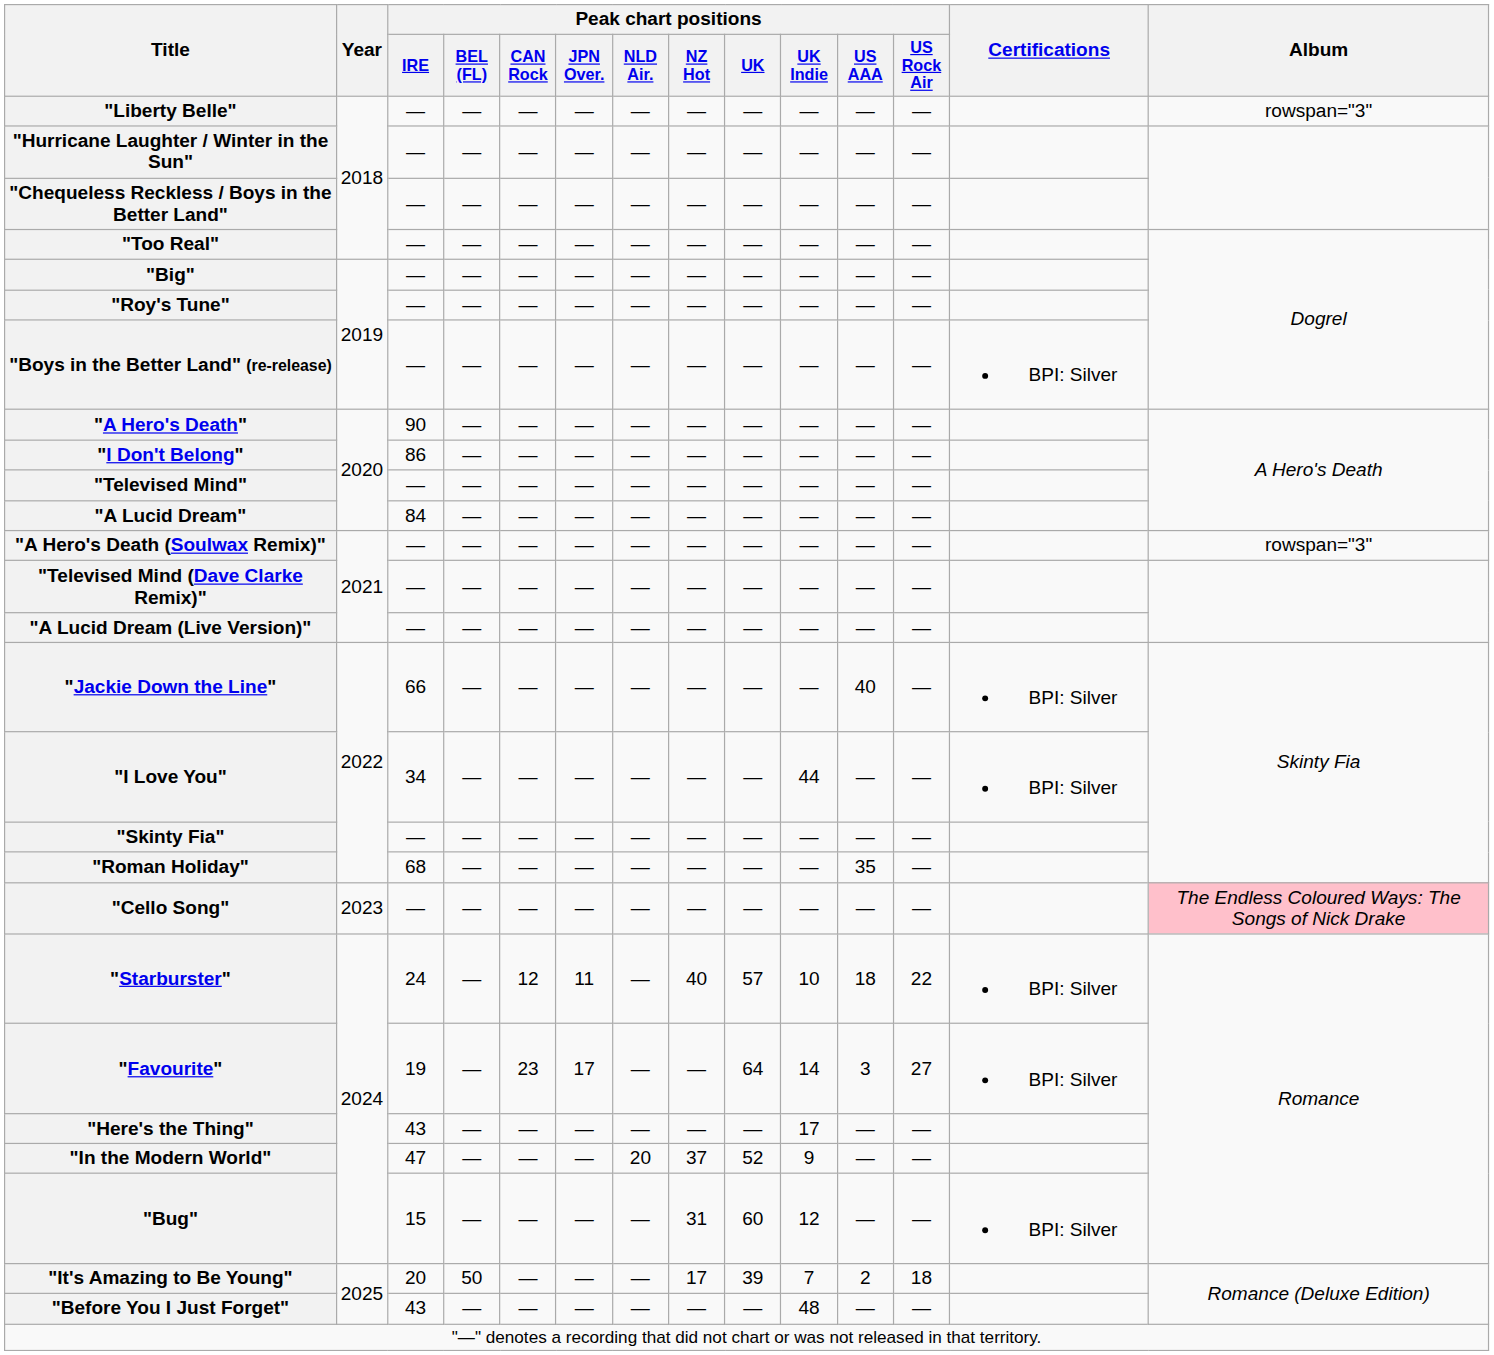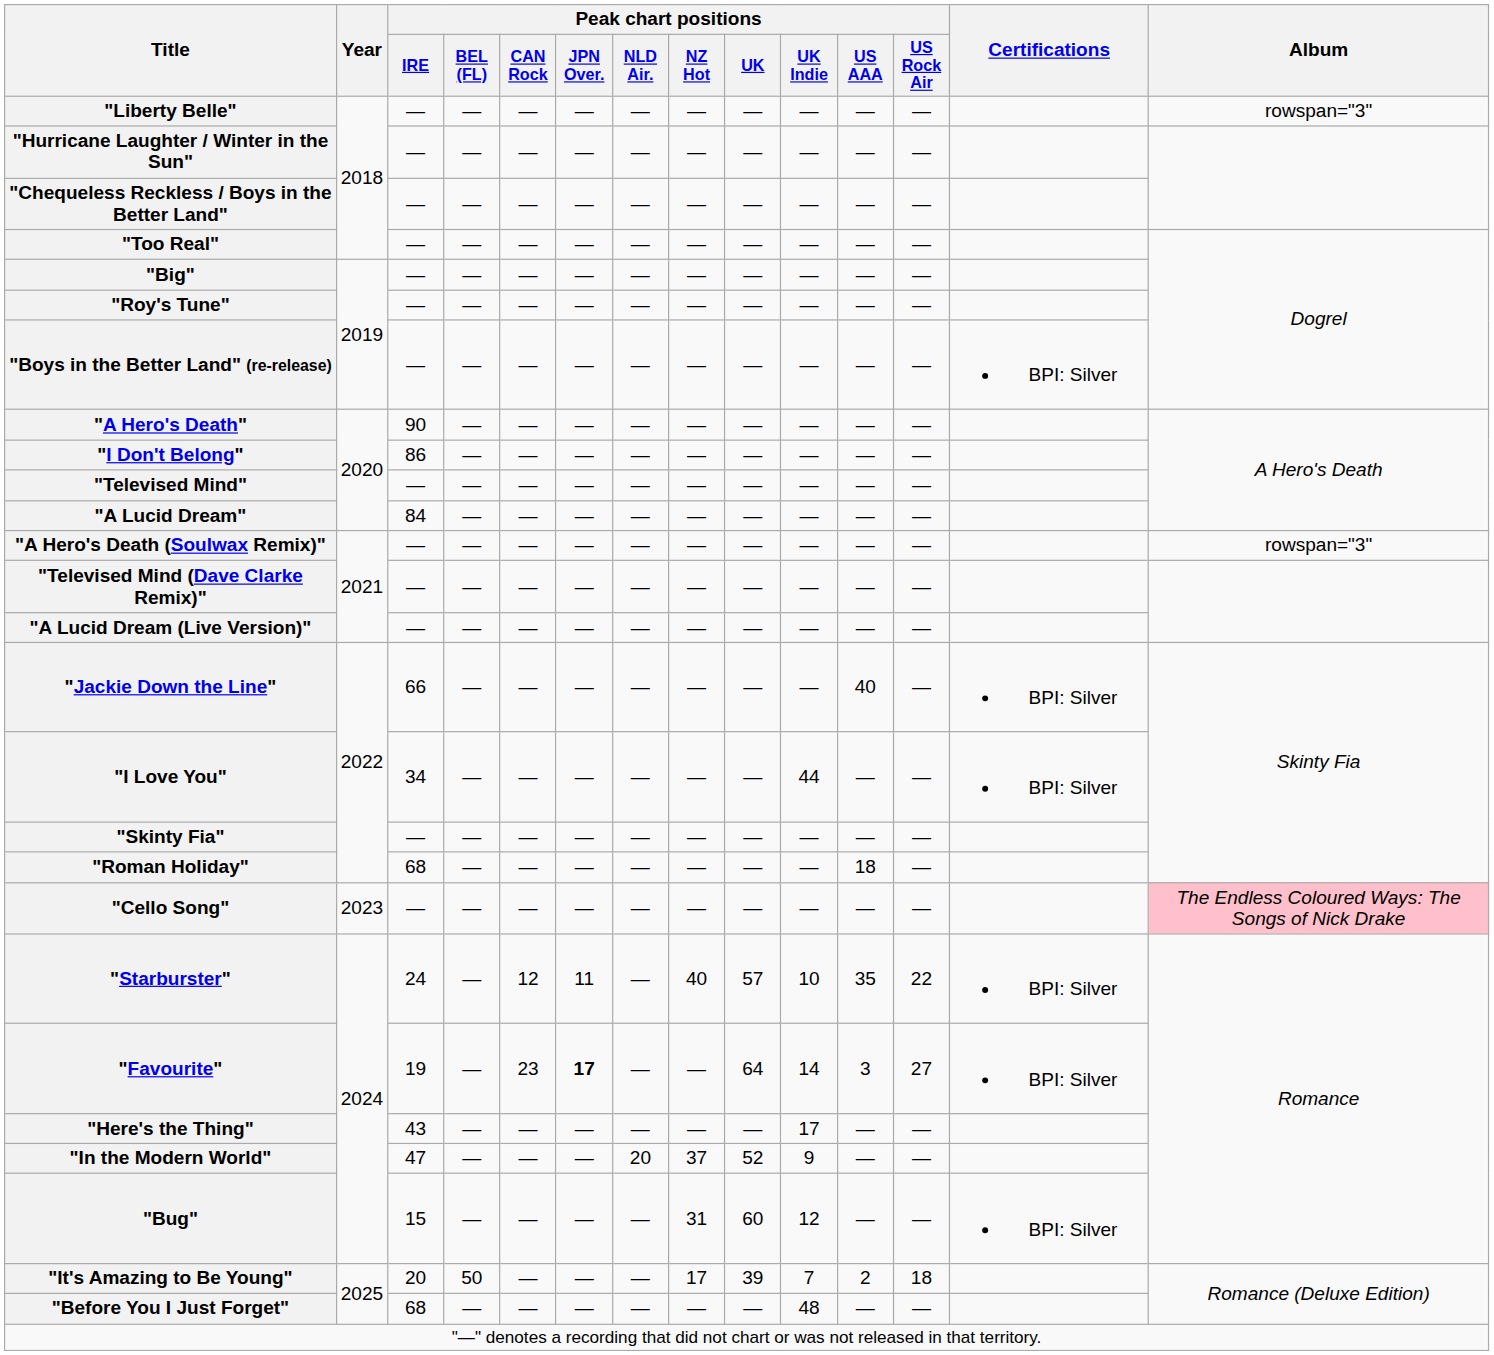 <table class="wikitable plainrowheaders" style="text-align:center;">
 <tr>
 <th scope="col" rowspan="2">Title</th>
 <th scope="col" rowspan="2">Year</th>
 <th scope="col" colspan="10">Peak chart positions</th>
 <th scope="col" rowspan="2" style="width:10em;"><a href='#'>Certifications</a></th>
 <th scope="col" rowspan="2">Album</th>
 </tr>
 <tr>
 <th scope="col" style="width:3em;font-size:85%;"><a href='#'>IRE</a><br></th>
 <th scope="col" style="width:3em;font-size:85%;"><a href='#'>BEL<br>(FL)</a><br></th>
 <th scope="col" style="width:3em;font-size:85%;"><a href='#'>CAN<br>Rock</a><br></th>
 <th scope="col" style="width:3em;font-size:85%;"><a href='#'>JPN<br>Over.</a><br></th>
 <th scope="col" style="width:3em;font-size:85%;"><a href='#'>NLD<br>Air.</a><br></th>
 <th scope="col" style="width:3em;font-size:85%;"><a href='#'>NZ<br>Hot</a><br></th>
 <th scope="col" style="width:3em;font-size:85%;"><a href='#'>UK</a><br></th>
 <th scope="col" style="width:3em;font-size:85%;"><a href='#'>UK<br>Indie</a><br></th>
 <th scope="col" style="width:3em;font-size:85%;"><a href='#'>US<br>AAA</a><br></th>
 <th scope="col" style="width:3em;font-size:85%;"><a href='#'>US<br>Rock<br>Air</a><br></th>
 </tr>
 <tr>
 <th scope="row">"Liberty Belle"</th>
 <td rowspan="4">2018</td>
 <td>—</td>
 <td>—</td>
 <td>—</td>
 <td>—</td>
 <td>—</td>
 <td>—</td>
 <td>—</td>
 <td>—</td>
 <td>—</td>
 <td>—</td>
 <td></td>
 <td>rowspan="3" </td>
 </tr>
 <tr>
 <th scope="row">"Hurricane Laughter / Winter in the Sun"</th>
 <td>—</td>
 <td>—</td>
 <td>—</td>
 <td>—</td>
 <td>—</td>
 <td>—</td>
 <td>—</td>
 <td>—</td>
 <td>—</td>
 <td>—</td>
 <td></td>
 </tr>
 <tr>
 <th scope="row">"Chequeless Reckless / Boys in the Better Land"</th>
 <td>—</td>
 <td>—</td>
 <td>—</td>
 <td>—</td>
 <td>—</td>
 <td>—</td>
 <td>—</td>
 <td>—</td>
 <td>—</td>
 <td>—</td>
 <td></td>
 </tr>
 <tr>
 <th scope="row">"Too Real"</th>
 <td>—</td>
 <td>—</td>
 <td>—</td>
 <td>—</td>
 <td>—</td>
 <td>—</td>
 <td>—</td>
 <td>—</td>
 <td>—</td>
 <td>—</td>
 <td></td>
 <td rowspan="4"><em>Dogrel</em></td>
 </tr>
 <tr>
 <th scope="row">"Big"</th>
 <td rowspan="3">2019</td>
 <td>—</td>
 <td>—</td>
 <td>—</td>
 <td>—</td>
 <td>—</td>
 <td>—</td>
 <td>—</td>
 <td>—</td>
 <td>—</td>
 <td>—</td>
 <td></td>
 </tr>
 <tr>
 <th scope="row">"Roy's Tune"</th>
 <td>—</td>
 <td>—</td>
 <td>—</td>
 <td>—</td>
 <td>—</td>
 <td>—</td>
 <td>—</td>
 <td>—</td>
 <td>—</td>
 <td>—</td>
 <td></td>
 </tr>
 <tr>
 <th scope="row">"Boys in the Better Land" <small>(re-release)</small></th>
 <td>—</td>
 <td>—</td>
 <td>—</td>
 <td>—</td>
 <td>—</td>
 <td>—</td>
 <td>—</td>
 <td>—</td>
 <td>—</td>
 <td>—</td>
 <td><br><ul><li>BPI: Silver</li></ul></td>
 </tr>
 <tr>
 <th scope="row">"<a href='#'>A Hero's Death</a>"</th>
 <td rowspan="4">2020</td>
 <td>90</td>
 <td>—</td>
 <td>—</td>
 <td>—</td>
 <td>—</td>
 <td>—</td>
 <td>—</td>
 <td>—</td>
 <td>—</td>
 <td>—</td>
 <td></td>
 <td rowspan="4"><em>A Hero's Death</em></td>
 </tr>
 <tr>
 <th scope="row">"<a href='#'>I Don't Belong</a>"</th>
 <td>86</td>
 <td>—</td>
 <td>—</td>
 <td>—</td>
 <td>—</td>
 <td>—</td>
 <td>—</td>
 <td>—</td>
 <td>—</td>
 <td>—</td>
 <td></td>
 </tr>
 <tr>
 <th scope="row">"Televised Mind"</th>
 <td>—</td>
 <td>—</td>
 <td>—</td>
 <td>—</td>
 <td>—</td>
 <td>—</td>
 <td>—</td>
 <td>—</td>
 <td>—</td>
 <td>—</td>
 </tr>
 <tr>
 <th scope="row">"A Lucid Dream"</th>
 <td>84</td>
 <td>—</td>
 <td>—</td>
 <td>—</td>
 <td>—</td>
 <td>—</td>
 <td>—</td>
 <td>—</td>
 <td>—</td>
 <td>—</td>
 <td></td>
 </tr>
 <tr>
 <th scope="row">"A Hero's Death (<a href='#'>Soulwax</a> Remix)"</th>
 <td rowspan="3">2021</td>
 <td>—</td>
 <td>—</td>
 <td>—</td>
 <td>—</td>
 <td>—</td>
 <td>—</td>
 <td>—</td>
 <td>—</td>
 <td>—</td>
 <td>—</td>
 <td></td>
 <td>rowspan="3" </td>
 </tr>
 <tr>
 <th scope="row">"Televised Mind (<a href='#'>Dave Clarke</a> Remix)"</th>
 <td>—</td>
 <td>—</td>
 <td>—</td>
 <td>—</td>
 <td>—</td>
 <td>—</td>
 <td>—</td>
 <td>—</td>
 <td>—</td>
 <td>—</td>
 <td></td>
 </tr>
 <tr>
 <th scope="row">"A Lucid Dream (Live Version)"</th>
 <td>—</td>
 <td>—</td>
 <td>—</td>
 <td>—</td>
 <td>—</td>
 <td>—</td>
 <td>—</td>
 <td>—</td>
 <td>—</td>
 <td>—</td>
 <td></td>
 </tr>
 <tr>
 <th scope="row">"<a href='#'>Jackie Down the Line</a>"</th>
 <td rowspan="4">2022</td>
 <td>66</td>
 <td>—</td>
 <td>—</td>
 <td>—</td>
 <td>—</td>
 <td>—</td>
 <td>—</td>
 <td>—</td>
 <td>40</td>
 <td>—</td>
 <td><br><ul><li>BPI: Silver</li></ul></td>
 <td rowspan="4"><em>Skinty Fia</em></td>
 </tr>
 <tr>
 <th scope="row">"I Love You"</th>
 <td>34</td>
 <td>—</td>
 <td>—</td>
 <td>—</td>
 <td>—</td>
 <td>—</td>
 <td>—</td>
 <td>44</td>
 <td>—</td>
 <td>—</td>
 <td><br><ul><li>BPI: Silver</li></ul></td>
 </tr>
 <tr>
 <th scope="row">"Skinty Fia"</th>
 <td>—</td>
 <td>—</td>
 <td>—</td>
 <td>—</td>
 <td>—</td>
 <td>—</td>
 <td>—</td>
 <td>—</td>
 <td>—</td>
 <td>—</td>
 <td></td>
 </tr>
 <tr>
 <th scope="row">"Roman Holiday"</th>
 <td>68</td>
 <td>—</td>
 <td>—</td>
 <td>—</td>
 <td>—</td>
 <td>—</td>
 <td>—</td>
 <td>—</td>
-<td>35</td>
+<td>18</td>
 <td>—</td>
 <td></td>
 </tr>
 <tr>
 <th scope="row">"Cello Song"</th>
 <td>2023</td>
 <td>—</td>
 <td>—</td>
 <td>—</td>
 <td>—</td>
 <td>—</td>
 <td>—</td>
 <td>—</td>
 <td>—</td>
 <td>—</td>
 <td>—</td>
 <td></td>
 <td style="background: pink;"><em>The Endless Coloured Ways: The Songs of Nick Drake</em></td>
 </tr>
 <tr>
 <th scope="row">"<a href='#'>Starburster</a>"</th>
 <td rowspan="5">2024</td>
 <td>24</td>
 <td>—</td>
 <td>12</td>
 <td>11</td>
 <td>—</td>
 <td>40</td>
 <td>57</td>
 <td>10</td>
-<td>18</td>
+<td>35</td>
 <td>22</td>
 <td><br><ul><li>BPI: Silver</li></ul></td>
 <td rowspan="5"><em>Romance</em></td>
 </tr>
 <tr>
 <th scope="row">"<a href='#'>Favourite</a>"</th>
 <td>19<br></td>
 <td>—</td>
 <td>23</td>
-<td>17</td>
+<td><strong>17</strong></td>
 <td>—</td>
 <td>—</td>
 <td>64</td>
 <td>14</td>
 <td>3</td>
 <td>27</td>
 <td><br><ul><li>BPI: Silver</li></ul></td>
 </tr>
 <tr>
 <th scope="row">"Here's the Thing"</th>
 <td>43</td>
 <td>—</td>
 <td>—</td>
 <td>—</td>
 <td>—</td>
 <td>—</td>
 <td>—</td>
 <td>17</td>
 <td>—</td>
 <td>—</td>
 <td></td>
 </tr>
 <tr>
 <th scope="row">"In the Modern World"</th>
 <td>47</td>
 <td>—</td>
 <td>—</td>
 <td>—</td>
 <td>20</td>
 <td>37</td>
 <td>52</td>
 <td>9</td>
 <td>—</td>
 <td>—</td>
 <td></td>
 </tr>
 <tr>
 <th scope="row">"Bug"</th>
 <td>15</td>
 <td>—</td>
 <td>—</td>
 <td>—</td>
 <td>—</td>
 <td>31</td>
 <td>60</td>
 <td>12</td>
 <td>—</td>
 <td>—</td>
 <td><br><ul><li>BPI: Silver</li></ul></td>
 </tr>
 <tr>
 <th scope="row">"It's Amazing to Be Young"</th>
 <td rowspan="2">2025</td>
 <td>20</td>
 <td>50</td>
 <td>—</td>
 <td>—</td>
 <td>—</td>
 <td>17</td>
 <td>39</td>
 <td>7</td>
 <td>2</td>
 <td>18</td>
 <td></td>
 <td rowspan="2"><em>Romance (Deluxe Edition)</em></td>
 </tr>
 <tr>
 <th scope="row">"Before You I Just Forget"</th>
-<td>43</td>
+<td>68<br></td>
 <td>—</td>
 <td>—</td>
 <td>—</td>
 <td>—</td>
 <td>—</td>
 <td>—</td>
 <td>48</td>
 <td>—</td>
 <td>—</td>
 <td></td>
 </tr>
 <tr>
 <td colspan="15" style="font-size:90%">"—" denotes a recording that did not chart or was not released in that territory.</td>
 </tr>
 </table>
